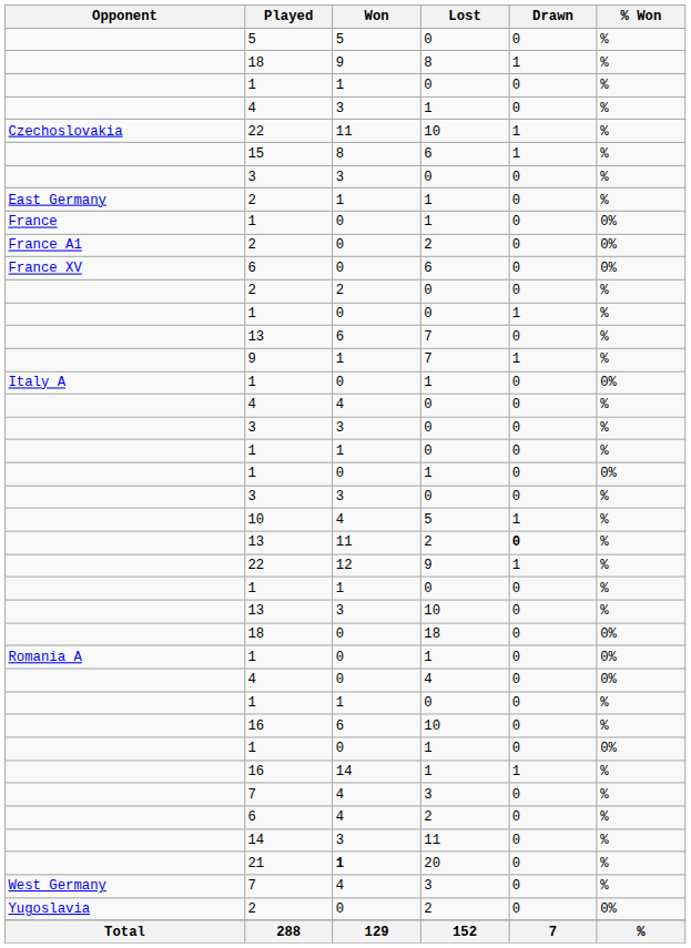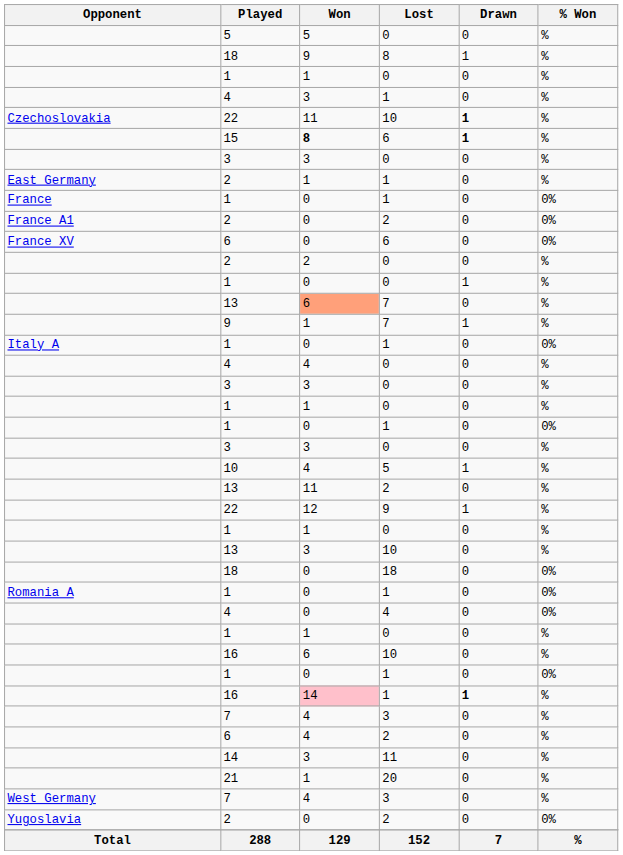 <table class="wikitable sortable" style="font-size:90%">
 <tr>
 <th width=200>Opponent</th>
 <th width=70>Played</th>
 <th width=70>Won</th>
 <th width=70>Lost</th>
 <th width=70>Drawn</th>
 <th width=70>% Won</th>
 </tr>
 <tr>
 <td align="left"></td>
 <td>5</td>
 <td>5</td>
 <td>0</td>
 <td>0</td>
 <td>%</td>
 </tr>
 <tr>
 <td align="left"></td>
 <td>18</td>
 <td>9</td>
 <td>8</td>
 <td>1</td>
 <td>%</td>
 </tr>
 <tr>
 <td align="left"></td>
 <td>1</td>
 <td>1</td>
 <td>0</td>
 <td>0</td>
 <td>%</td>
 </tr>
 <tr>
 <td align="left"></td>
 <td>4</td>
 <td>3</td>
 <td>1</td>
 <td>0</td>
 <td>%</td>
 </tr>
 <tr>
 <td align="left"> <a href='#'>Czechoslovakia</a></td>
 <td>22</td>
 <td>11</td>
 <td>10</td>
-<td>1</td>
+<td><strong>1</strong></td>
 <td>%</td>
 </tr>
 <tr>
 <td align="left"></td>
 <td>15</td>
-<td>8</td>
+<td><strong>8</strong></td>
 <td>6</td>
-<td>1</td>
+<td><strong>1</strong></td>
 <td>%</td>
 </tr>
 <tr>
 <td align="left"></td>
 <td>3</td>
 <td>3</td>
 <td>0</td>
 <td>0</td>
 <td>%</td>
 </tr>
 <tr>
 <td align="left"> <a href='#'>East Germany</a></td>
 <td>2</td>
 <td>1</td>
 <td>1</td>
 <td>0</td>
 <td>%</td>
 </tr>
 <tr>
 <td align="left"> <a href='#'>France</a></td>
 <td>1</td>
 <td>0</td>
 <td>1</td>
 <td>0</td>
 <td>0%</td>
 </tr>
 <tr>
 <td align="left"> <a href='#'>France A1</a></td>
 <td>2</td>
 <td>0</td>
 <td>2</td>
 <td>0</td>
 <td>0%</td>
 </tr>
 <tr>
 <td align="left"> <a href='#'>France XV</a></td>
 <td>6</td>
 <td>0</td>
 <td>6</td>
 <td>0</td>
 <td>0%</td>
 </tr>
 <tr>
 <td align="left"></td>
 <td>2</td>
 <td>2</td>
 <td>0</td>
 <td>0</td>
 <td>%</td>
 </tr>
 <tr>
 <td align="left"></td>
 <td>1</td>
 <td>0</td>
 <td>0</td>
 <td>1</td>
 <td>%</td>
 </tr>
 <tr>
 <td align="left"></td>
 <td>13</td>
-<td>6</td>
+<td style="background: lightsalmon;">6</td>
 <td>7</td>
 <td>0</td>
 <td>%</td>
 </tr>
 <tr>
 <td align="left"></td>
 <td>9</td>
 <td>1</td>
 <td>7</td>
 <td>1</td>
 <td>%</td>
 </tr>
 <tr>
 <td align="left"> <a href='#'>Italy A</a></td>
 <td>1</td>
 <td>0</td>
 <td>1</td>
 <td>0</td>
 <td>0%</td>
 </tr>
 <tr>
 <td align="left"></td>
 <td>4</td>
 <td>4</td>
 <td>0</td>
 <td>0</td>
 <td>%</td>
 </tr>
 <tr>
 <td align="left"></td>
 <td>3</td>
 <td>3</td>
 <td>0</td>
 <td>0</td>
 <td>%</td>
 </tr>
 <tr>
 <td align="left"></td>
 <td>1</td>
 <td>1</td>
 <td>0</td>
 <td>0</td>
 <td>%</td>
 </tr>
 <tr>
 <td align="left"></td>
 <td>1</td>
 <td>0</td>
 <td>1</td>
 <td>0</td>
 <td>0%</td>
 </tr>
 <tr>
 <td align="left"></td>
 <td>3</td>
 <td>3</td>
 <td>0</td>
 <td>0</td>
 <td>%</td>
 </tr>
 <tr>
 <td align="left"></td>
 <td>10</td>
 <td>4</td>
 <td>5</td>
 <td>1</td>
 <td>%</td>
 </tr>
 <tr>
 <td align="left"></td>
 <td>13</td>
 <td>11</td>
 <td>2</td>
-<td><strong>0</strong></td>
+<td>0</td>
 <td>%</td>
 </tr>
 <tr>
 <td align="left"></td>
 <td>22</td>
 <td>12</td>
 <td>9</td>
 <td>1</td>
 <td>%</td>
 </tr>
 <tr>
 <td align="left"></td>
 <td>1</td>
 <td>1</td>
 <td>0</td>
 <td>0</td>
 <td>%</td>
 </tr>
 <tr>
 <td align="left"></td>
 <td>13</td>
 <td>3</td>
 <td>10</td>
 <td>0</td>
 <td>%</td>
 </tr>
 <tr>
 <td align="left"></td>
 <td>18</td>
 <td>0</td>
 <td>18</td>
 <td>0</td>
 <td>0%</td>
 </tr>
 <tr>
 <td align="left"> <a href='#'>Romania A</a></td>
 <td>1</td>
 <td>0</td>
 <td>1</td>
 <td>0</td>
 <td>0%</td>
 </tr>
 <tr>
 <td align="left"></td>
 <td>4</td>
 <td>0</td>
 <td>4</td>
 <td>0</td>
 <td>0%</td>
 </tr>
 <tr>
 <td align="left"></td>
 <td>1</td>
 <td>1</td>
 <td>0</td>
 <td>0</td>
 <td>%</td>
 </tr>
 <tr>
 <td align="left"></td>
 <td>16</td>
 <td>6</td>
 <td>10</td>
 <td>0</td>
 <td>%</td>
 </tr>
 <tr>
 <td align="left"></td>
 <td>1</td>
 <td>0</td>
 <td>1</td>
 <td>0</td>
 <td>0%</td>
 </tr>
 <tr>
 <td align="left"></td>
 <td>16</td>
-<td>14</td>
+<td style="background: pink;">14</td>
 <td>1</td>
-<td>1</td>
+<td><strong>1</strong></td>
 <td>%</td>
 </tr>
 <tr>
 <td align="left"></td>
 <td>7</td>
 <td>4</td>
 <td>3</td>
 <td>0</td>
 <td>%</td>
 </tr>
 <tr>
 <td align="left"></td>
 <td>6</td>
 <td>4</td>
 <td>2</td>
 <td>0</td>
 <td>%</td>
 </tr>
 <tr>
 <td align="left"></td>
 <td>14</td>
 <td>3</td>
 <td>11</td>
 <td>0</td>
 <td>%</td>
 </tr>
 <tr>
 <td align="left"></td>
 <td>21</td>
-<td><strong>1</strong></td>
+<td>1</td>
 <td>20</td>
 <td>0</td>
 <td>%</td>
 </tr>
 <tr>
 <td align="left"> <a href='#'>West Germany</a></td>
 <td>7</td>
 <td>4</td>
 <td>3</td>
 <td>0</td>
 <td>%</td>
 </tr>
 <tr>
 <td align="left"> <a href='#'>Yugoslavia</a></td>
 <td>2</td>
 <td>0</td>
 <td>2</td>
 <td>0</td>
 <td>0%</td>
 </tr>
 <tr>
 </tr>
 <tr class="sortbottom">
 <th>Total</th>
 <th>288</th>
 <th>129</th>
 <th>152</th>
 <th>7</th>
 <th>%</th>
 </tr>
 </table>
